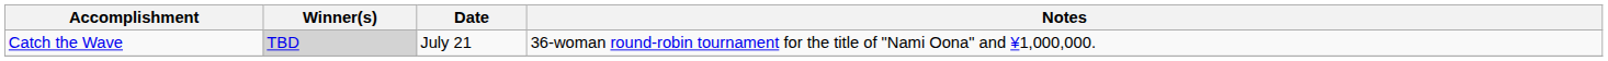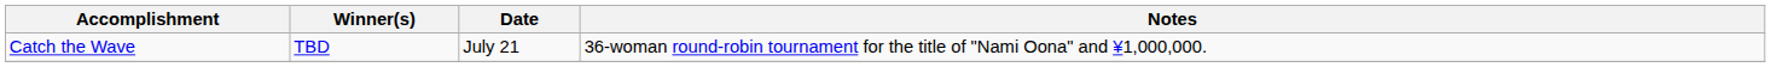 <table class="wikitable" style="width:100%;">
 <tr>
 <th>Accomplishment</th>
 <th>Winner(s)</th>
 <th>Date</th>
 <th>Notes</th>
 </tr>
 <tr>
 <td><a href='#'>Catch the Wave</a></td>
-<td style="background: lightgrey;"><a href='#'>TBD</a></td>
+<td><a href='#'>TBD</a></td>
 <td>July 21</td>
 <td>36-woman <a href='#'>round-robin tournament</a> for the title of "Nami Oona" and <a href='#'>¥</a>1,000,000.</td>
 </tr>
 <tr>
 </tr>
 </table>
